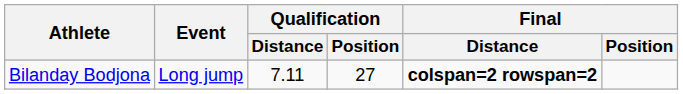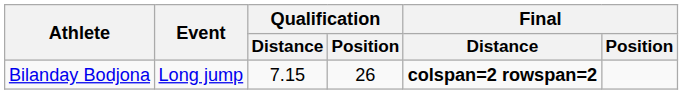 <table class=wikitable style=font-size:90%>
 <tr>
 <th rowspan=2>Athlete</th>
 <th rowspan=2>Event</th>
 <th colspan=2>Qualification</th>
 <th colspan=2>Final</th>
 </tr>
 <tr style=font-size:95%>
 <th>Distance</th>
 <th>Position</th>
 <th>Distance</th>
 <th>Position</th>
 </tr>
 <tr align=center>
 <td align=left><a href='#'>Bilanday Bodjona</a></td>
 <td align=left><a href='#'>Long jump</a></td>
-<td>7.11</td>
-<td>27</td>
+<td>7.15</td>
+<td>26</td>
 <td><strong>colspan=2 rowspan=2 </strong></td>
 </tr>
 </table>
